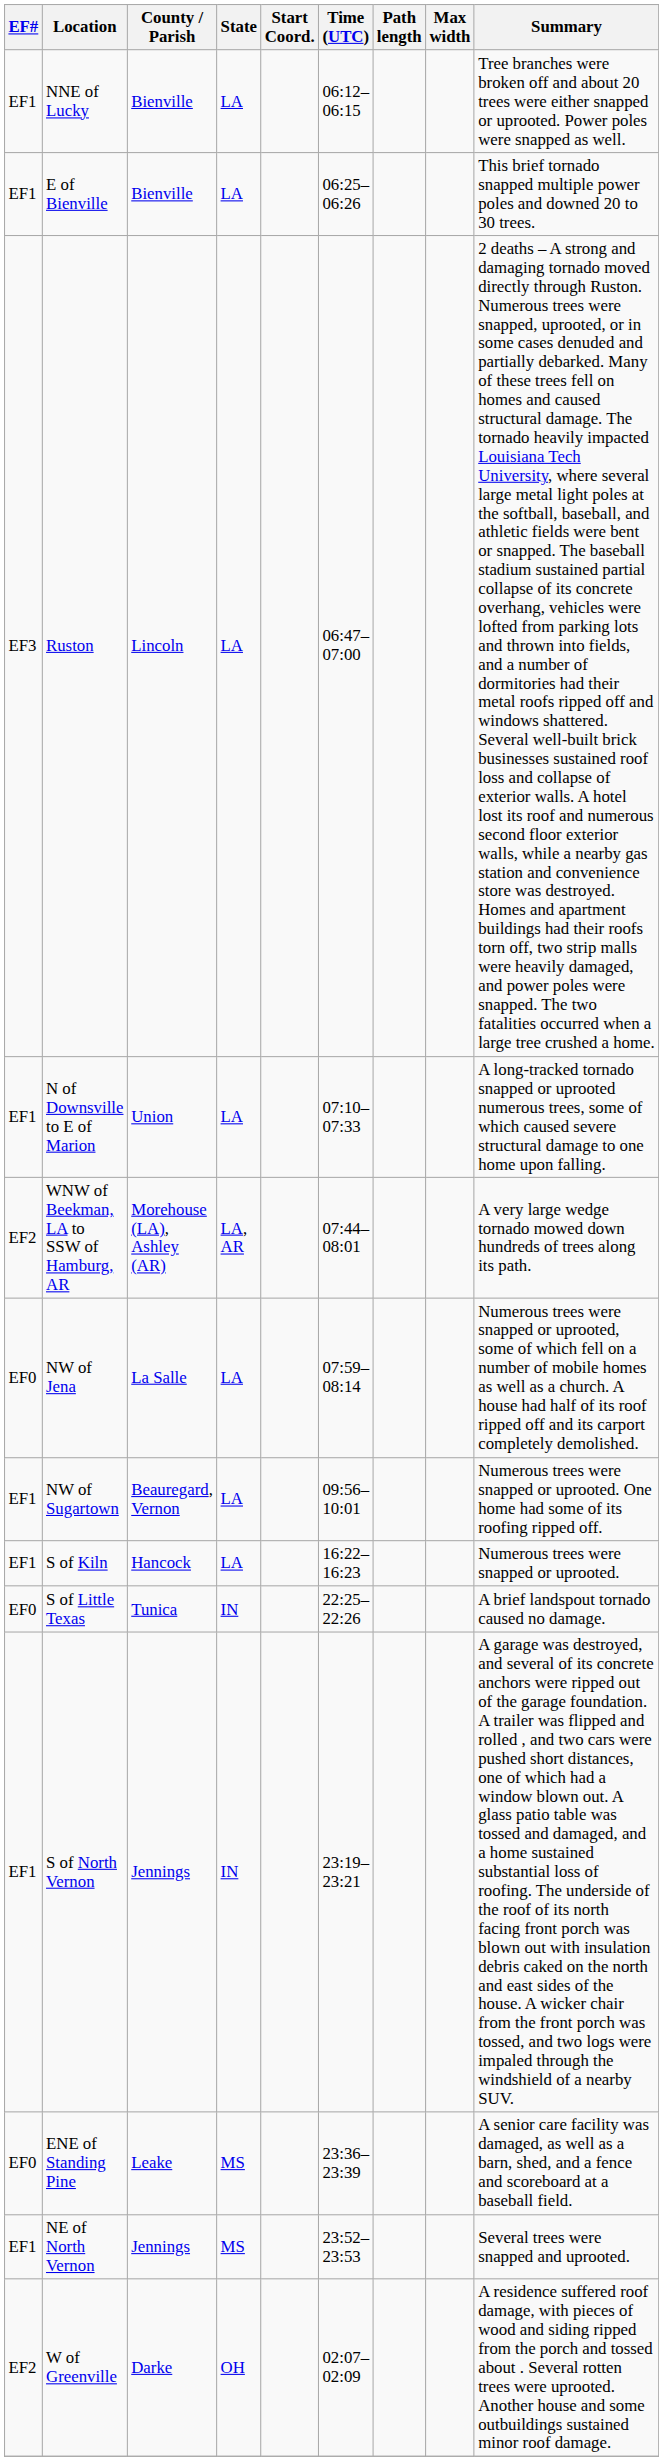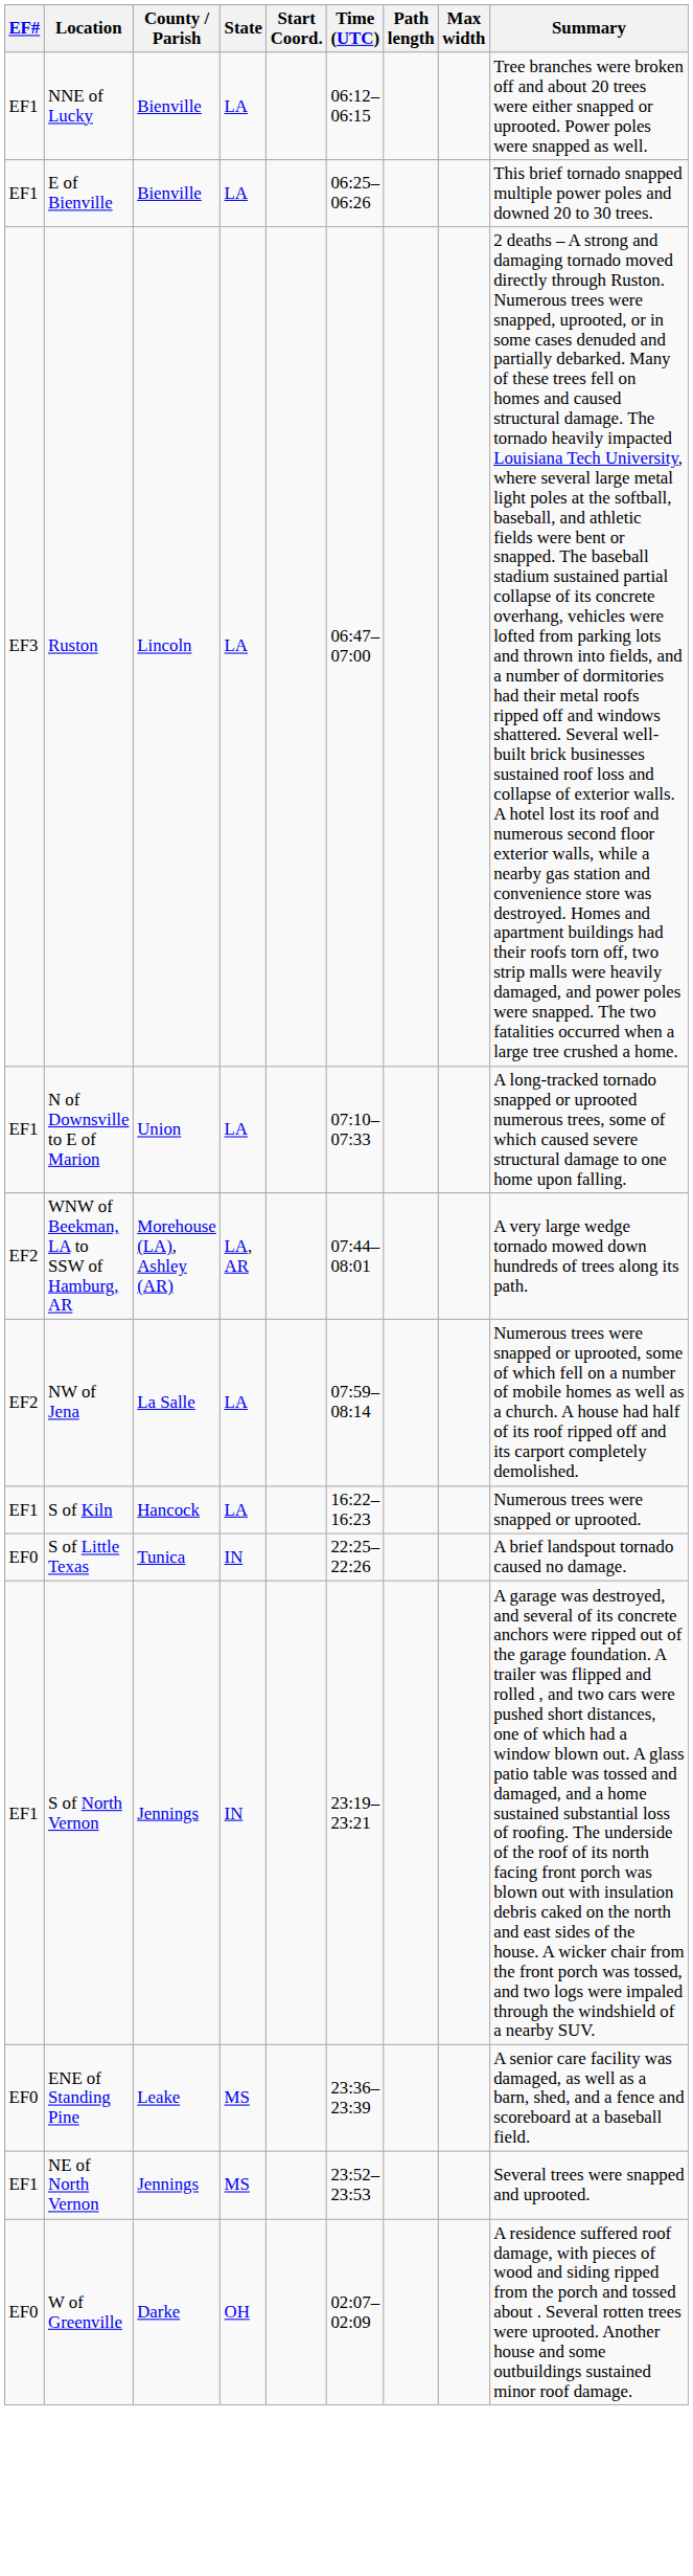 <table class="wikitable sortable" style="width:100%;">
 <tr>
 <th scope="col"  style="width:3%; text-align:center;"><a href='#'>EF#</a></th>
 <th scope="col"  style="width:7%; text-align:center;" class="unsortable">Location</th>
 <th scope="col"  style="width:6%; text-align:center;" class="unsortable">County / Parish</th>
 <th scope="col"  style="width:5%; text-align:center;">State</th>
 <th scope="col"  style="width:6%; text-align:center;">Start Coord.</th>
 <th scope="col"  style="width:6%; text-align:center;">Time (<a href='#'>UTC</a>)</th>
 <th scope="col"  style="width:6%; text-align:center;">Path length</th>
 <th scope="col"  style="width:6%; text-align:center;">Max width</th>
 <th scope="col" class="unsortable" style="width:48%; text-align:center;">Summary</th>
 </tr>
 <tr>
 <td>EF1</td>
 <td>NNE of <a href='#'>Lucky</a></td>
 <td><a href='#'>Bienville</a></td>
 <td><a href='#'>LA</a></td>
 <td></td>
 <td>06:12–06:15</td>
 <td></td>
 <td></td>
 <td>Tree branches were broken off and about 20 trees were either snapped or uprooted. Power poles were snapped as well.</td>
 </tr>
 <tr>
 <td>EF1</td>
 <td>E of <a href='#'>Bienville</a></td>
 <td><a href='#'>Bienville</a></td>
 <td><a href='#'>LA</a></td>
 <td></td>
 <td>06:25–06:26</td>
 <td></td>
 <td></td>
 <td>This brief tornado snapped multiple power poles and downed 20 to 30 trees.</td>
 </tr>
 <tr>
 <td>EF3</td>
 <td><a href='#'>Ruston</a></td>
 <td><a href='#'>Lincoln</a></td>
 <td><a href='#'>LA</a></td>
 <td></td>
 <td>06:47–07:00</td>
 <td></td>
 <td></td>
 <td>2 deaths – A strong and damaging tornado moved directly through Ruston. Numerous trees were snapped, uprooted, or in some cases denuded and partially debarked. Many of these trees fell on homes and caused structural damage. The tornado heavily impacted <a href='#'>Louisiana Tech University</a>, where several large metal light poles at the softball, baseball, and athletic fields were bent or snapped. The baseball stadium sustained partial collapse of its concrete overhang, vehicles were lofted from parking lots and thrown into fields, and a number of dormitories had their metal roofs ripped off and windows shattered. Several well-built brick businesses sustained roof loss and collapse of exterior walls. A hotel lost its roof and numerous second floor exterior walls, while a nearby gas station and convenience store was destroyed. Homes and apartment buildings had their roofs torn off, two strip malls were heavily damaged, and power poles were snapped. The two fatalities occurred when a large tree crushed a home.</td>
 </tr>
 <tr>
 <td>EF1</td>
 <td>N of <a href='#'>Downsville</a> to E of <a href='#'>Marion</a></td>
 <td><a href='#'>Union</a></td>
 <td><a href='#'>LA</a></td>
 <td></td>
 <td>07:10–07:33</td>
 <td></td>
 <td></td>
 <td>A long-tracked tornado snapped or uprooted numerous trees, some of which caused severe structural damage to one home upon falling.</td>
 </tr>
 <tr>
 <td>EF2</td>
 <td>WNW of <a href='#'>Beekman, LA</a> to SSW of <a href='#'>Hamburg, AR</a></td>
 <td><a href='#'>Morehouse (LA)</a>, <a href='#'>Ashley (AR)</a></td>
 <td><a href='#'>LA</a>, <a href='#'>AR</a></td>
 <td></td>
 <td>07:44–08:01</td>
 <td></td>
 <td></td>
 <td>A very large wedge tornado mowed down hundreds of trees along its path.</td>
 </tr>
 <tr>
-<td>EF0</td>
+<td>EF2</td>
 <td>NW of <a href='#'>Jena</a></td>
 <td><a href='#'>La Salle</a></td>
 <td><a href='#'>LA</a></td>
 <td></td>
 <td>07:59–08:14</td>
 <td></td>
 <td></td>
 <td>Numerous trees were snapped or uprooted, some of which fell on a number of mobile homes as well as a church. A house had half of its roof ripped off and its carport completely demolished.</td>
-</tr>
-<tr>
-<td>EF1</td>
-<td>NW of <a href='#'>Sugartown</a></td>
-<td><a href='#'>Beauregard</a>, <a href='#'>Vernon</a></td>
-<td><a href='#'>LA</a></td>
-<td></td>
-<td>09:56–10:01</td>
-<td></td>
-<td></td>
-<td>Numerous trees were snapped or uprooted. One home had some of its roofing ripped off.</td>
 </tr>
 <tr>
 <td>EF1</td>
 <td>S of <a href='#'>Kiln</a></td>
 <td><a href='#'>Hancock</a></td>
 <td><a href='#'>LA</a></td>
 <td></td>
 <td>16:22–16:23</td>
 <td></td>
 <td></td>
 <td>Numerous trees were snapped or uprooted.</td>
 </tr>
 <tr>
 <td>EF0</td>
 <td>S of <a href='#'>Little Texas</a></td>
 <td><a href='#'>Tunica</a></td>
 <td><a href='#'>IN</a></td>
 <td></td>
 <td>22:25–22:26</td>
 <td></td>
 <td></td>
 <td>A brief landspout tornado caused no damage.</td>
 </tr>
 <tr>
 <td>EF1</td>
 <td>S of <a href='#'>North Vernon</a></td>
 <td><a href='#'>Jennings</a></td>
 <td><a href='#'>IN</a></td>
 <td></td>
 <td>23:19–23:21</td>
 <td></td>
 <td></td>
 <td>A garage was destroyed, and several of its concrete anchors were ripped out of the garage foundation. A trailer was flipped and rolled , and two cars were pushed short distances, one of which had a window blown out. A glass patio table was tossed and damaged, and a home sustained substantial loss of roofing. The underside of the roof of its north facing front porch was blown out with insulation debris caked on the north and east sides of the house. A wicker chair from the front porch was tossed, and two logs were impaled through the windshield of a nearby SUV.</td>
 </tr>
 <tr>
 <td>EF0</td>
 <td>ENE of <a href='#'>Standing Pine</a></td>
 <td><a href='#'>Leake</a></td>
 <td><a href='#'>MS</a></td>
 <td></td>
 <td>23:36–23:39</td>
 <td></td>
 <td></td>
 <td>A senior care facility was damaged, as well as a barn, shed, and a fence and scoreboard at a baseball field.</td>
 </tr>
 <tr>
 <td>EF1</td>
 <td>NE of <a href='#'>North Vernon</a></td>
 <td><a href='#'>Jennings</a></td>
 <td><a href='#'>MS</a></td>
 <td></td>
 <td>23:52–23:53</td>
 <td></td>
 <td></td>
 <td>Several trees were snapped and uprooted.</td>
 </tr>
 <tr>
-<td>EF2</td>
+<td>EF0</td>
 <td>W of <a href='#'>Greenville</a></td>
 <td><a href='#'>Darke</a></td>
 <td><a href='#'>OH</a></td>
 <td></td>
 <td>02:07–02:09</td>
 <td></td>
 <td></td>
 <td>A residence suffered roof damage, with pieces of wood and siding ripped from the porch and tossed about . Several rotten trees were uprooted. Another house and some outbuildings sustained minor roof damage.</td>
 </tr>
 <tr>
 </tr>
 </table>
